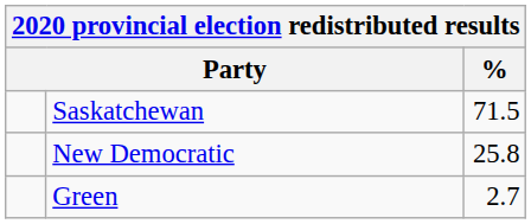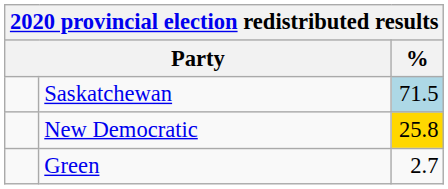 <table class="wikitable">
 <tr>
 <th colspan="4"><a href='#'>2020 provincial election</a> redistributed results</th>
 </tr>
 <tr>
 <th bgcolor="#DDDDFF" width="130px" colspan="2">Party</th>
 <th bgcolor="#DDDDFF" width="30px">%</th>
 </tr>
 <tr>
 <td> </td>
 <td><a href='#'>Saskatchewan</a></td>
-<td align=right>71.5</td>
+<td align=right style="background: lightblue;">71.5</td>
 </tr>
 <tr>
 <td> </td>
 <td><a href='#'>New Democratic</a></td>
-<td align=right>25.8</td>
+<td align=right style="background: gold;">25.8</td>
 </tr>
 <tr>
 <td> </td>
 <td><a href='#'>Green</a></td>
 <td align=right>2.7</td>
 </tr>
 </table>
